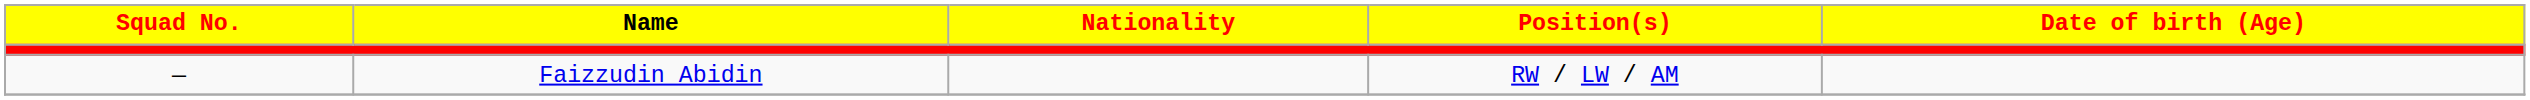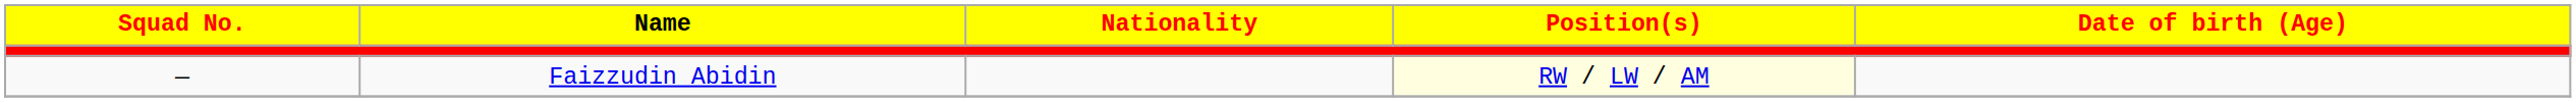 <table class="wikitable" style="text-align:center; font-size:90%; width:80%;">
 <tr>
 <th style="background:yellow; color:red; text-align:center;">Squad No.</th>
 <th style="background:yellow; color:red text-align:center;">Name</th>
 <th style="background:yellow; color:red; text-align:center;">Nationality</th>
 <th style="background:yellow; color:red; text-align:center;">Position(s)</th>
 <th style="background:yellow; color:red; text-align:center;">Date of birth (Age)</th>
 </tr>
 <tr>
 <th colspan="9" style="background:red; color:yellow; text-align:center;"></th>
 </tr>
 <tr>
 <td>—</td>
 <td><a href='#'>Faizzudin Abidin</a></td>
 <td></td>
-<td><a href='#'>RW</a> / <a href='#'>LW</a> / <a href='#'>AM</a></td>
+<td style="background: lightyellow;"><a href='#'>RW</a> / <a href='#'>LW</a> / <a href='#'>AM</a></td>
 <td></td>
 </tr>
 <tr>
 </tr>
 </table>
